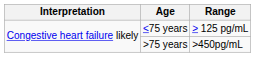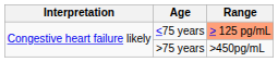 <table class="wikitable" align="left">
 <tr>
 <th>Interpretation</th>
 <th>Age</th>
 <th>Range</th>
 </tr>
 <tr>
 <td rowspan=2><a href='#'>Congestive heart failure</a> likely</td>
 <td><a href='#'><</a>75 years</td>
-<td><a href='#'>></a> 125 pg/mL</td>
+<td style="background: lightsalmon;"><a href='#'>></a> 125 pg/mL</td>
 </tr>
 <tr>
 <td>>75 years</td>
 <td>>450pg/mL</td>
 </tr>
 </table>
